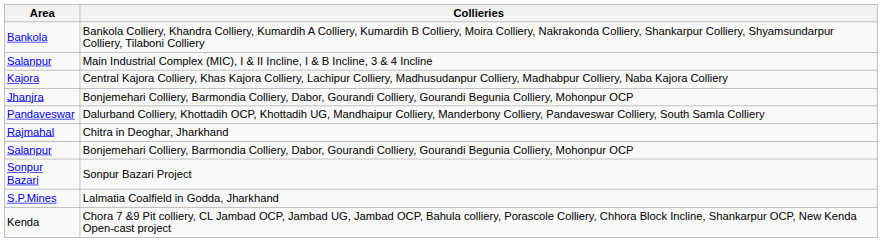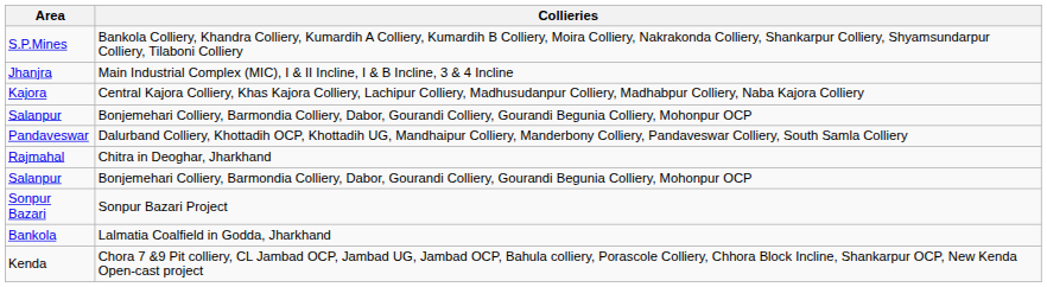 <table class="wikitable sortable">
 <tr>
 <th>Area</th>
 <th>Collieries</th>
 </tr>
 <tr>
-<td><a href='#'>Bankola</a></td>
+<td><a href='#'>S.P.Mines</a></td>
 <td>Bankola Colliery, Khandra Colliery, Kumardih A Colliery, Kumardih B Colliery, Moira Colliery, Nakrakonda Colliery, Shankarpur Colliery, Shyamsundarpur Colliery, Tilaboni Colliery</td>
 </tr>
 <tr>
-<td><a href='#'>Salanpur</a></td>
+<td><a href='#'>Jhanjra</a></td>
 <td>Main Industrial Complex (MIC), I & II Incline, I & B Incline, 3 & 4 Incline</td>
 </tr>
 <tr>
 <td><a href='#'>Kajora</a></td>
 <td>Central Kajora Colliery,  Khas Kajora Colliery, Lachipur Colliery, Madhusudanpur Colliery, Madhabpur Colliery, Naba Kajora Colliery</td>
 </tr>
 <tr>
-<td><a href='#'>Jhanjra</a></td>
+<td><a href='#'>Salanpur</a></td>
 <td>Bonjemehari Colliery, Barmondia Colliery, Dabor, Gourandi Colliery, Gourandi Begunia Colliery, Mohonpur OCP</td>
 </tr>
 <tr>
 <td><a href='#'>Pandaveswar</a></td>
 <td>Dalurband Colliery, Khottadih OCP, Khottadih UG, Mandhaipur Colliery, Manderbony Colliery, Pandaveswar Colliery, South Samla Colliery</td>
 </tr>
 <tr>
 <td><a href='#'>Rajmahal</a></td>
 <td>Chitra in Deoghar, Jharkhand</td>
 </tr>
 <tr>
 <td><a href='#'>Salanpur</a></td>
 <td>Bonjemehari Colliery, Barmondia Colliery, Dabor, Gourandi Colliery, Gourandi Begunia Colliery, Mohonpur OCP</td>
 </tr>
 <tr>
 <td><a href='#'>Sonpur Bazari</a></td>
 <td>Sonpur Bazari Project</td>
 </tr>
 <tr>
-<td><a href='#'>S.P.Mines</a></td>
+<td><a href='#'>Bankola</a></td>
 <td>Lalmatia Coalfield in Godda, Jharkhand</td>
 </tr>
 <tr>
 <td>Kenda</td>
 <td>Chora 7 &9 Pit colliery, CL Jambad OCP, Jambad UG, Jambad OCP, Bahula colliery,  Porascole Colliery, Chhora Block Incline, Shankarpur OCP, New Kenda Open-cast project</td>
 </tr>
 </table>
